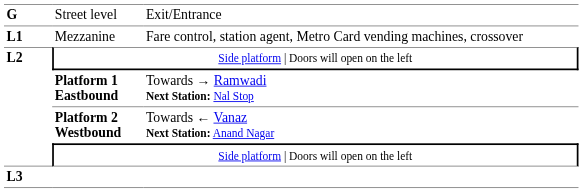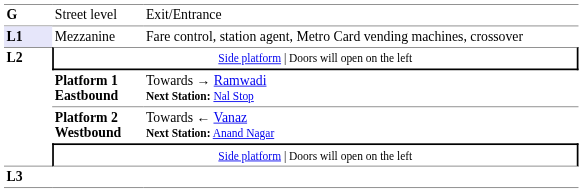 <table table border=0 cellspacing=0 cellpadding=3>
 <tr>
 <td style="border-bottom:solid 1px grey;border-top:solid 1px grey;" width=50 valign=top><strong>G</strong></td>
 <td style="border-top:solid 1px grey;border-bottom:solid 1px grey;" width=100 valign=top>Street level</td>
 <td style="border-top:solid 1px grey;border-bottom:solid 1px grey;" width=500 valign=top>Exit/Entrance</td>
 </tr>
 <tr>
-<td valign=top><strong>L1</strong></td>
+<td valign=top style="background: lavender;"><strong>L1</strong></td>
 <td valign=top>Mezzanine</td>
 <td valign=top>Fare control, station agent, Metro Card vending machines, crossover<br></td>
 </tr>
 <tr>
 <td style="border-top:solid 1px grey;border-bottom:solid 1px grey;" width=50 rowspan=4 valign=top><strong>L2</strong></td>
 <td style="border-top:solid 1px grey;border-right:solid 2px black;border-left:solid 2px black;border-bottom:solid 2px black;text-align:center;" colspan=2><small><a href='#'>Side platform</a> | Doors will open on the left </small></td>
 </tr>
 <tr>
 <td style="border-bottom:solid 1px grey;" width=100><span><strong>Platform 1</strong><br><strong>Eastbound</strong></span></td>
 <td style="border-bottom:solid 1px grey;" width=500>Towards → <a href='#'>Ramwadi</a><br><small><strong>Next Station:</strong> <a href='#'>Nal Stop</a></small></td>
 </tr>
 <tr>
 <td><span><strong>Platform 2</strong><br><strong>Westbound</strong></span></td>
 <td>Towards ← <a href='#'>Vanaz</a><br><small><strong>Next Station:</strong> <a href='#'>Anand Nagar</a></small></td>
 </tr>
 <tr>
 <td style="border-top:solid 2px black;border-right:solid 2px black;border-left:solid 2px black;border-bottom:solid 1px grey;" colspan=2  align=center><small><a href='#'>Side platform</a> | Doors will open on the left </small></td>
 </tr>
 <tr>
 <td style="border-bottom:solid 1px grey;" width=50 rowspan=2 valign=top><strong>L3</strong></td>
 <td style="border-bottom:solid 1px grey;" width=100></td>
 <td style="border-bottom:solid 1px grey;" width=500></td>
 </tr>
 <tr>
 </tr>
 </table>
